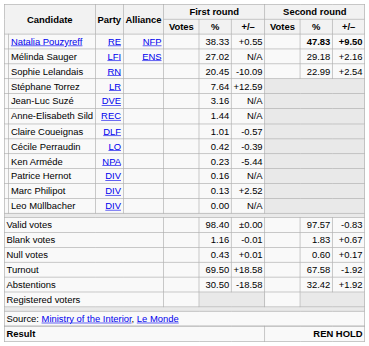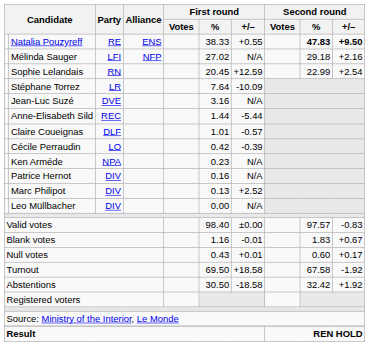 <table class="wikitable" style="text-align:right;font-size:95%;">
 <tr>
 <th rowspan="2" colspan="2">Candidate</th>
 <th rowspan="2">Party</th>
 <th rowspan="2">Alliance</th>
 <th colspan="3">First round</th>
 <th colspan="3">Second round</th>
 </tr>
 <tr>
 <th style="width:50px;">Votes</th>
 <th style="width:45px;">%</th>
 <th style="width:45px;">+/–</th>
 <th style="width:50px;">Votes</th>
 <th style="width:45px;">%</th>
 <th style="width:45px;">+/–</th>
 </tr>
 <tr>
 <td style="color:inherit;background:"></td>
 <td style="text-align:left;"><a href='#'>Natalia Pouzyreff</a></td>
 <td><a href='#'>RE</a></td>
-<td><a href='#'>NFP</a></td>
+<td><a href='#'>ENS</a></td>
 <td></td>
 <td>38.33</td>
 <td>+0.55</td>
 <td><strong> </strong></td>
 <td><strong>47.83 </strong></td>
 <td><strong>+9.50 </strong></td>
 </tr>
 <tr>
 <td style="color:inherit;background:"></td>
 <td style="text-align:left;">Mélinda Sauger</td>
 <td><a href='#'>LFI</a></td>
-<td><a href='#'>ENS</a></td>
+<td><a href='#'>NFP</a></td>
 <td></td>
 <td>27.02</td>
 <td>N/A</td>
 <td></td>
 <td>29.18</td>
 <td>+2.16</td>
 </tr>
 <tr>
 <td style="color:inherit;background:"></td>
 <td style="text-align:left;">Sophie Lelandais</td>
 <td><a href='#'>RN</a></td>
 <td></td>
 <td></td>
 <td>20.45</td>
-<td>-10.09</td>
+<td>+12.59</td>
 <td></td>
 <td>22.99</td>
 <td>+2.54</td>
 </tr>
 <tr>
 <td style="color:inherit;background:"></td>
 <td style="text-align:left;">Stéphane Torrez</td>
 <td><a href='#'>LR</a></td>
 <td></td>
 <td></td>
 <td>7.64</td>
-<td>+12.59</td>
+<td>-10.09</td>
 <td colspan="3" style="background:#E9E9E9;"></td>
 </tr>
 <tr>
 <td style="color:inherit;background:"></td>
 <td style="text-align:left;">Jean-Luc Suzé</td>
 <td><a href='#'>DVE</a></td>
 <td></td>
 <td></td>
 <td>3.16</td>
 <td>N/A</td>
 <td colspan="3" style="background:#E9E9E9;"></td>
 </tr>
 <tr>
 <td style="color:inherit;background:"></td>
 <td style="text-align:left;">Anne-Elisabeth Sild</td>
 <td><a href='#'>REC</a></td>
 <td></td>
 <td></td>
 <td>1.44</td>
-<td>N/A</td>
+<td>-5.44</td>
 <td colspan="3" style="background:#E9E9E9;"></td>
 </tr>
 <tr>
 <td style="color:inherit;background:"></td>
 <td style="text-align:left;">Claire Coueignas</td>
 <td><a href='#'>DLF</a></td>
 <td></td>
 <td></td>
 <td>1.01</td>
 <td>-0.57</td>
 <td colspan="3" style="background:#E9E9E9;"></td>
 </tr>
 <tr>
 <td style="color:inherit;background:"></td>
 <td style="text-align:left;">Cécile Perraudin</td>
 <td><a href='#'>LO</a></td>
 <td></td>
 <td></td>
 <td>0.42</td>
 <td>-0.39</td>
 <td colspan="3" style="background:#E9E9E9;"></td>
 </tr>
 <tr>
 <td style="color:inherit;background:"></td>
 <td style="text-align:left;">Ken Arméde</td>
 <td><a href='#'>NPA</a></td>
 <td></td>
 <td></td>
 <td>0.23</td>
-<td>-5.44</td>
+<td>N/A</td>
 <td colspan="3" style="background:#E9E9E9;"></td>
 </tr>
 <tr>
 <td style="color:inherit;background:"></td>
 <td style="text-align:left;">Patrice Hernot</td>
 <td><a href='#'>DIV</a></td>
 <td></td>
 <td></td>
 <td>0.16</td>
 <td>N/A</td>
 <td colspan="3" style="background:#E9E9E9;"></td>
 </tr>
 <tr>
 <td style="color:inherit;background:"></td>
 <td style="text-align:left;">Marc Philipot</td>
 <td><a href='#'>DIV</a></td>
 <td></td>
 <td></td>
 <td>0.13</td>
 <td>+2.52</td>
 <td colspan="3" style="background:#E9E9E9;"></td>
 </tr>
 <tr>
 <td style="color:inherit;background:"></td>
 <td style="text-align:left;">Leo Müllbacher</td>
 <td><a href='#'>DIV</a></td>
 <td></td>
 <td></td>
 <td>0.00</td>
 <td>N/A</td>
 <td colspan="3" style="background:#E9E9E9;"></td>
 </tr>
 <tr>
 <td colspan="10" style="background:#E9E9E9;"></td>
 </tr>
 <tr>
 <td colspan="4" style="text-align:left;">Valid votes</td>
 <td></td>
 <td>98.40</td>
 <td>±0.00</td>
 <td></td>
 <td>97.57</td>
 <td>-0.83</td>
 </tr>
 <tr>
 <td colspan="4" style="text-align:left;">Blank votes</td>
 <td></td>
 <td>1.16</td>
 <td>-0.01</td>
 <td></td>
 <td>1.83</td>
 <td>+0.67</td>
 </tr>
 <tr>
 <td colspan="4" style="text-align:left;">Null votes</td>
 <td></td>
 <td>0.43</td>
 <td>+0.01</td>
 <td></td>
 <td>0.60</td>
 <td>+0.17</td>
 </tr>
 <tr>
 <td colspan="4" style="text-align:left;">Turnout</td>
 <td></td>
 <td>69.50</td>
 <td>+18.58</td>
 <td></td>
 <td>67.58</td>
 <td>-1.92</td>
 </tr>
 <tr>
 <td colspan="4" style="text-align:left;">Abstentions</td>
 <td></td>
 <td>30.50</td>
 <td>-18.58</td>
 <td></td>
 <td>32.42</td>
 <td>+1.92</td>
 </tr>
 <tr>
 <td colspan="4" style="text-align:left;">Registered voters</td>
 <td></td>
 <td colspan="2" style="background:#E9E9E9;"></td>
 <td></td>
 <td colspan="2" style="background:#E9E9E9;"></td>
 </tr>
 <tr>
 <td colspan="10" style="background:#E9E9E9;"></td>
 </tr>
 <tr>
 <td colspan="10" style="text-align:left;">Source: <a href='#'>Ministry of the Interior</a>, <a href='#'>Le Monde</a></td>
 </tr>
 <tr>
 </tr>
 <tr style="font-weight:bold">
 <td colspan="7" style="text-align:left;">Result</td>
 <td colspan="7" style="background-color:">REN HOLD</td>
 </tr>
 </table>
